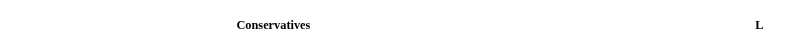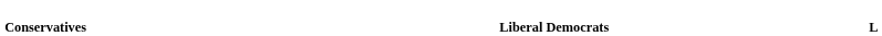 <table style="width:100%; text-align:center;">
 <tr style="color:white;">
 <td style="background:"><strong>44</strong></td>
+<td style="background:"><strong>11</strong></td>
 <td style="background:"><strong>2</strong></td>
 </tr>
 <tr>
 <td><span><strong>Conservatives</strong></span></td>
+<td><span><strong>Liberal Democrats</strong></span></td>
 <td><span><strong>L</strong></span></td>
 </tr>
 </table>
